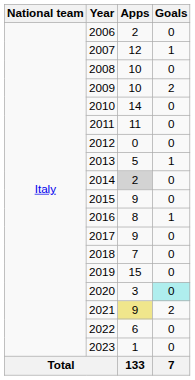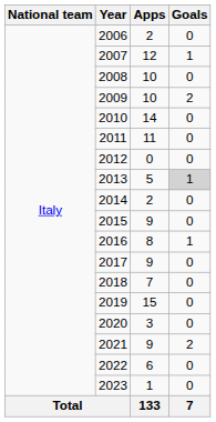 <table class="wikitable" style="text-align:center">
 <tr>
 <th>National team</th>
 <th>Year</th>
 <th>Apps</th>
 <th>Goals</th>
 </tr>
 <tr>
 <td rowspan="18"><a href='#'>Italy</a></td>
 <td>2006</td>
 <td>2</td>
 <td>0</td>
 </tr>
 <tr>
 <td>2007</td>
 <td>12</td>
 <td>1</td>
 </tr>
 <tr>
 <td>2008</td>
 <td>10</td>
 <td>0</td>
 </tr>
 <tr>
 <td>2009</td>
 <td>10</td>
 <td>2</td>
 </tr>
 <tr>
 <td>2010</td>
 <td>14</td>
 <td>0</td>
 </tr>
 <tr>
 <td>2011</td>
 <td>11</td>
 <td>0</td>
 </tr>
 <tr>
 <td>2012</td>
 <td>0</td>
 <td>0</td>
 </tr>
 <tr>
 <td>2013</td>
 <td>5</td>
-<td>1</td>
+<td style="background: lightgrey;">1</td>
 </tr>
 <tr>
 <td>2014</td>
-<td style="background: lightgrey;">2</td>
+<td>2</td>
 <td>0</td>
 </tr>
 <tr>
 <td>2015</td>
 <td>9</td>
 <td>0</td>
 </tr>
 <tr>
 <td>2016</td>
 <td>8</td>
 <td>1</td>
 </tr>
 <tr>
 <td>2017</td>
 <td>9</td>
 <td>0</td>
 </tr>
 <tr>
 <td>2018</td>
 <td>7</td>
 <td>0</td>
 </tr>
 <tr>
 <td>2019</td>
 <td>15</td>
 <td>0</td>
 </tr>
 <tr>
 <td>2020</td>
 <td>3</td>
-<td style="background: paleturquoise;">0</td>
+<td>0</td>
 </tr>
 <tr>
 <td>2021</td>
-<td style="background: khaki;">9</td>
+<td>9</td>
 <td>2</td>
 </tr>
 <tr>
 <td>2022</td>
 <td>6</td>
 <td>0</td>
 </tr>
 <tr>
 <td>2023</td>
 <td>1</td>
 <td>0</td>
 </tr>
 <tr>
 <th colspan="2">Total</th>
 <th>133</th>
 <th>7</th>
 </tr>
 </table>
